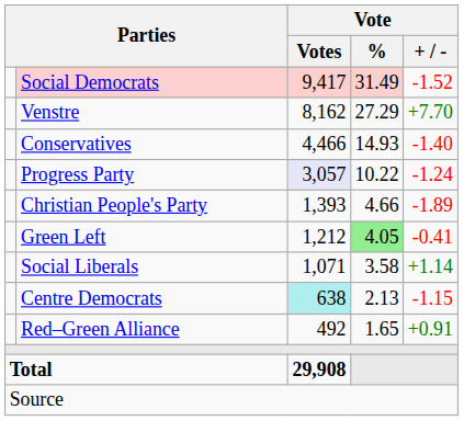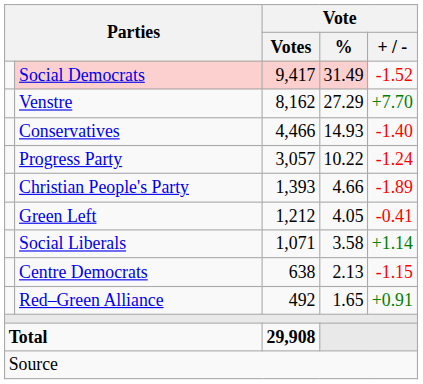 <table class="wikitable" style="text-align:right;">
 <tr>
 <th style="text-align:centre;" rowspan="2" colspan="2" width="225">Parties</th>
 <th colspan="3">Vote</th>
 </tr>
 <tr>
 <th width="15">Votes</th>
 <th width="15">%</th>
 <th width="15">+ / -</th>
 </tr>
 <tr>
 <td width="2" style="color:inherit;background:"></td>
 <td bgcolor=#fbd0ce  align="left"><a href='#'>Social Democrats</a></td>
 <td bgcolor=#fbd0ce>9,417</td>
 <td bgcolor=#fbd0ce>31.49</td>
 <td style=color:red;>-1.52</td>
 </tr>
 <tr>
 <td width="2" style="color:inherit;background:"></td>
 <td align="left"><a href='#'>Venstre</a></td>
 <td>8,162</td>
 <td>27.29</td>
 <td style=color:green;>+7.70</td>
 </tr>
 <tr>
 <td width="2" style="color:inherit;background:"></td>
 <td align="left"><a href='#'>Conservatives</a></td>
 <td>4,466</td>
 <td>14.93</td>
 <td style=color:red;>-1.40</td>
 </tr>
 <tr>
 <td width="2" style="color:inherit;background:"></td>
 <td align="left"><a href='#'>Progress Party</a></td>
-<td style="background: lavender;">3,057</td>
+<td>3,057</td>
 <td>10.22</td>
 <td style=color:red;>-1.24</td>
 </tr>
 <tr>
 <td width="2" style="color:inherit;background:"></td>
 <td align="left"><a href='#'>Christian People's Party</a></td>
 <td>1,393</td>
 <td>4.66</td>
 <td style=color:red;>-1.89</td>
 </tr>
 <tr>
 <td width="2" style="color:inherit;background:"></td>
 <td align="left"><a href='#'>Green Left</a></td>
 <td>1,212</td>
-<td style="background: lightgreen;">4.05</td>
+<td>4.05</td>
 <td style=color:red;>-0.41</td>
 </tr>
 <tr>
 <td width="2" style="color:inherit;background:"></td>
 <td align="left"><a href='#'>Social Liberals</a></td>
 <td>1,071</td>
 <td>3.58</td>
 <td style=color:green;>+1.14</td>
 </tr>
 <tr>
 <td width="2" style="color:inherit;background:"></td>
 <td align="left"><a href='#'>Centre Democrats</a></td>
-<td style="background: paleturquoise;">638</td>
+<td>638</td>
 <td>2.13</td>
 <td style=color:red;>-1.15</td>
 </tr>
 <tr>
 <td width="2" style="color:inherit;background:"></td>
 <td align="left"><a href='#'>Red–Green Alliance</a></td>
 <td>492</td>
 <td>1.65</td>
 <td style=color:green;>+0.91</td>
 </tr>
 <tr>
 <td colspan="7" bgcolor="#E9E9E9"></td>
 </tr>
 <tr>
 <td align="left" colspan="2"><strong>Total</strong></td>
 <td><strong>29,908</strong></td>
 <td bgcolor="#E9E9E9" colspan="2"></td>
 </tr>
 <tr>
 <td align="left" colspan="6">Source</td>
 </tr>
 </table>
